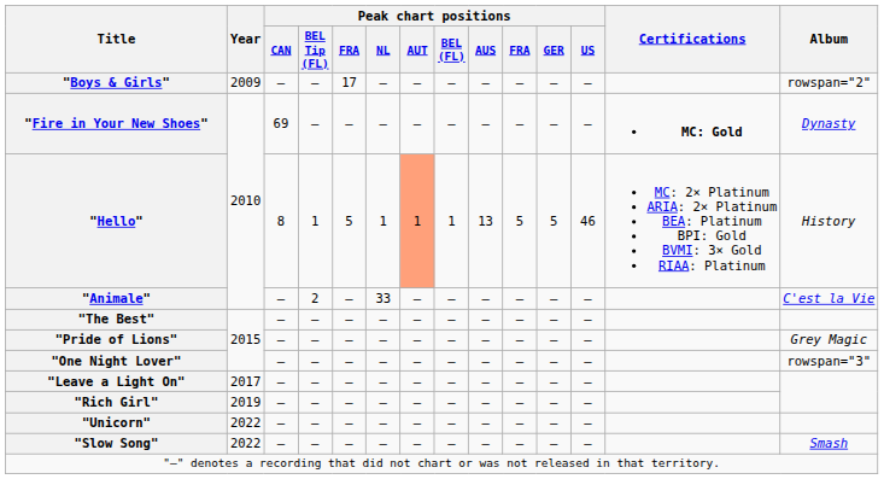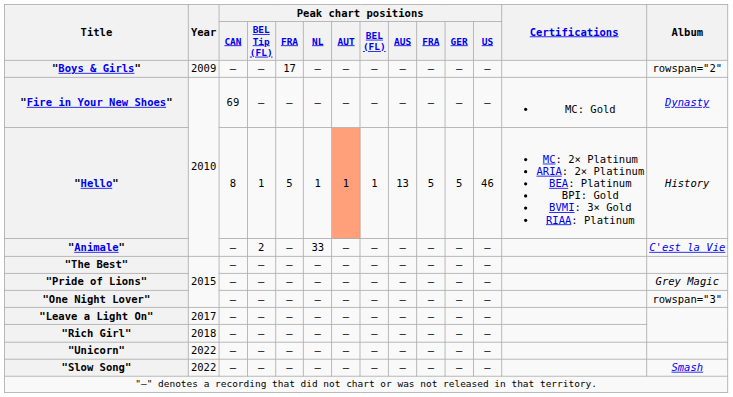 <table class="wikitable plainrowheaders" style="text-align:center;">
 <tr>
 <th scope="col" rowspan="2" style="width:17em;">Title</th>
 <th scope="col" rowspan="2" style="width:1em;">Year</th>
 <th scope="col" colspan="10">Peak chart positions</th>
 <th scope="col" rowspan="2"><a href='#'>Certifications</a></th>
 <th scope="col" rowspan="2">Album</th>
 </tr>
 <tr>
 <th scope="col" style="width:2.5em;font-size:90%;"><a href='#'>CAN</a><br></th>
 <th scope="col" style="width:2.5em;font-size:90%;"><a href='#'>BEL Tip (FL)</a><br></th>
 <th scope="col" style="width:2.5em;font-size:90%;"><a href='#'>FRA</a><br></th>
 <th scope="col" style="width:2.5em;font-size:90%;"><a href='#'>NL</a><br></th>
 <th scope="col" style="width:2.5em;font-size:90%;"><a href='#'>AUT</a><br></th>
 <th scope="col" style="width:2.5em;font-size:90%;"><a href='#'>BEL<br>(FL)</a><br></th>
 <th scope="col" style="width:2.5em;font-size:90%;"><a href='#'>AUS</a><br></th>
 <th scope="col" style="width:2.5em;font-size:90%;"><a href='#'>FRA</a><br></th>
 <th scope="col" style="width:2.5em;font-size:90%;"><a href='#'>GER</a><br></th>
 <th scope="col" style="width:2.5em;font-size:90%;"><a href='#'>US</a><br></th>
 </tr>
 <tr>
 <th scope="row">"<a href='#'>Boys & Girls</a>"<br></th>
 <td>2009</td>
 <td>—</td>
 <td>—</td>
 <td>17</td>
 <td>—</td>
 <td>—</td>
 <td>—</td>
 <td>—</td>
 <td>—</td>
 <td>—</td>
 <td>—</td>
 <td></td>
 <td>rowspan="2" </td>
 </tr>
 <tr>
 <th scope="row">"<a href='#'>Fire in Your New Shoes</a>"<br></th>
 <td rowspan="3">2010</td>
 <td>69</td>
 <td>—</td>
 <td>—</td>
 <td>—</td>
 <td>—</td>
 <td>—</td>
 <td>—</td>
 <td>—</td>
 <td>—</td>
 <td>—</td>
-<td><strong><br><ul><li>MC: Gold</li></ul></strong></td>
+<td><br><ul><li>MC: Gold</li></ul></td>
 <td><em><a href='#'>Dynasty</a></em></td>
 </tr>
 <tr>
 <th scope="row">"<a href='#'>Hello</a>"<br></th>
 <td>8</td>
 <td>1</td>
 <td>5</td>
 <td>1</td>
 <td style="background: lightsalmon;">1</td>
 <td>1</td>
 <td>13</td>
 <td>5</td>
 <td>5</td>
 <td>46</td>
 <td><br><ul><li><a href='#'>MC</a>: 2× Platinum</li><li><a href='#'>ARIA</a>: 2× Platinum</li><li><a href='#'>BEA</a>: Platinum</li><li>BPI: Gold</li><li><a href='#'>BVMI</a>: 3× Gold</li><li><a href='#'>RIAA</a>: Platinum</li></ul></td>
 <td><em>History</em></td>
 </tr>
 <tr>
 <th scope="row">"<a href='#'>Animale</a>"<br></th>
 <td>—</td>
 <td>2</td>
 <td>—</td>
 <td>33</td>
 <td>—</td>
 <td>—</td>
 <td>—</td>
 <td>—</td>
 <td>—</td>
 <td>—</td>
 <td></td>
 <td><em><a href='#'>C'est la Vie</a></em></td>
 </tr>
 <tr>
 <th scope="row">"The Best"<br></th>
 <td rowspan="3">2015</td>
 <td>—</td>
 <td>—</td>
 <td>—</td>
 <td>—</td>
 <td>—</td>
 <td>—</td>
 <td>—</td>
 <td>—</td>
 <td>—</td>
 <td>—</td>
 <td></td>
 </tr>
 <tr>
 <th scope="row">"Pride of Lions"<br></th>
 <td>—</td>
 <td>—</td>
 <td>—</td>
 <td>—</td>
 <td>—</td>
 <td>—</td>
 <td>—</td>
 <td>—</td>
 <td>—</td>
 <td>—</td>
 <td></td>
 <td><em>Grey Magic</em></td>
 </tr>
 <tr>
 <th scope="row">"One Night Lover"<br></th>
 <td>—</td>
 <td>—</td>
 <td>—</td>
 <td>—</td>
 <td>—</td>
 <td>—</td>
 <td>—</td>
 <td>—</td>
 <td>—</td>
 <td>—</td>
 <td></td>
 <td>rowspan="3" </td>
 </tr>
 <tr>
 <th scope="row">"Leave a Light On"<br></th>
 <td>2017</td>
 <td>—</td>
 <td>—</td>
 <td>—</td>
 <td>—</td>
 <td>—</td>
 <td>—</td>
 <td>—</td>
 <td>—</td>
 <td>—</td>
 <td>—</td>
 <td></td>
 </tr>
 <tr>
 <th scope="row">"Rich Girl"<br></th>
-<td>2019</td>
+<td>2018</td>
 <td>—</td>
 <td>—</td>
 <td>—</td>
 <td>—</td>
 <td>—</td>
 <td>—</td>
 <td>—</td>
 <td>—</td>
 <td>—</td>
 <td>—</td>
 <td></td>
 </tr>
 <tr>
 <th scope="row">"Unicorn"<br></th>
 <td>2022</td>
 <td>—</td>
 <td>—</td>
 <td>—</td>
 <td>—</td>
 <td>—</td>
 <td>—</td>
 <td>—</td>
 <td>—</td>
 <td>—</td>
 <td>—</td>
 <td></td>
 <td></td>
 </tr>
 <tr>
 <th scope="row">"Slow Song"<br></th>
 <td>2022</td>
 <td>—</td>
 <td>—</td>
 <td>—</td>
 <td>—</td>
 <td>—</td>
 <td>—</td>
 <td>—</td>
 <td>—</td>
 <td>—</td>
 <td>—</td>
 <td></td>
 <td><a href='#'><em>Smash</em></a></td>
 </tr>
 <tr>
 <td colspan="15" style="font-size:90%">"—" denotes a recording that did not chart or was not released in that territory.</td>
 </tr>
 </table>
